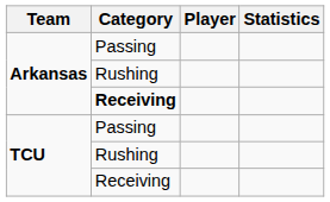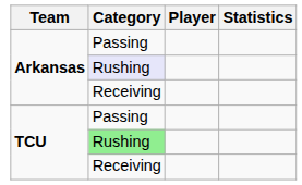 <table class="wikitable" style="float: right;">
 <tr>
 <th>Team</th>
 <th>Category</th>
 <th>Player</th>
 <th>Statistics</th>
 </tr>
 <tr>
 <td rowspan=3><strong>Arkansas</strong></td>
 <td>Passing</td>
 <td></td>
 <td></td>
 </tr>
 <tr>
-<td>Rushing</td>
+<td style="background: lavender;">Rushing</td>
 <td></td>
 <td></td>
 </tr>
 <tr>
-<td><strong>Receiving</strong></td>
+<td>Receiving</td>
 <td></td>
 <td></td>
 </tr>
 <tr>
 <td rowspan=3><strong>TCU</strong></td>
 <td>Passing</td>
 <td></td>
 <td></td>
 </tr>
 <tr>
-<td>Rushing</td>
+<td style="background: lightgreen;">Rushing</td>
 <td></td>
 <td></td>
 </tr>
 <tr>
 <td>Receiving</td>
 <td></td>
 <td></td>
 </tr>
 </table>
